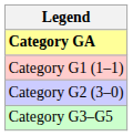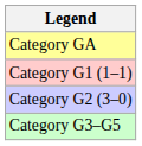 <table class=wikitable style=font-size:85%>
 <tr>
 <th>Legend</th>
 </tr>
 <tr bgcolor=#ffff99>
-<td><strong>Category GA</strong></td>
+<td>Category GA</td>
 </tr>
 <tr bgcolor=#ffcccc>
 <td>Category G1 (1–1)</td>
 </tr>
 <tr bgcolor=#ccccff>
 <td>Category G2 (3–0)</td>
 </tr>
 <tr bgcolor=#ccffcc>
 <td>Category G3–G5</td>
 </tr>
 </table>
